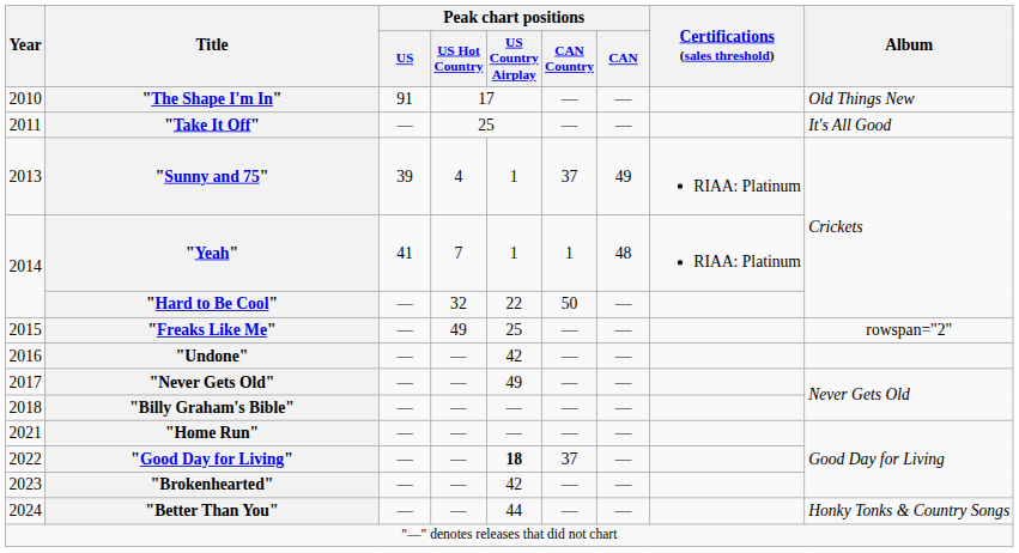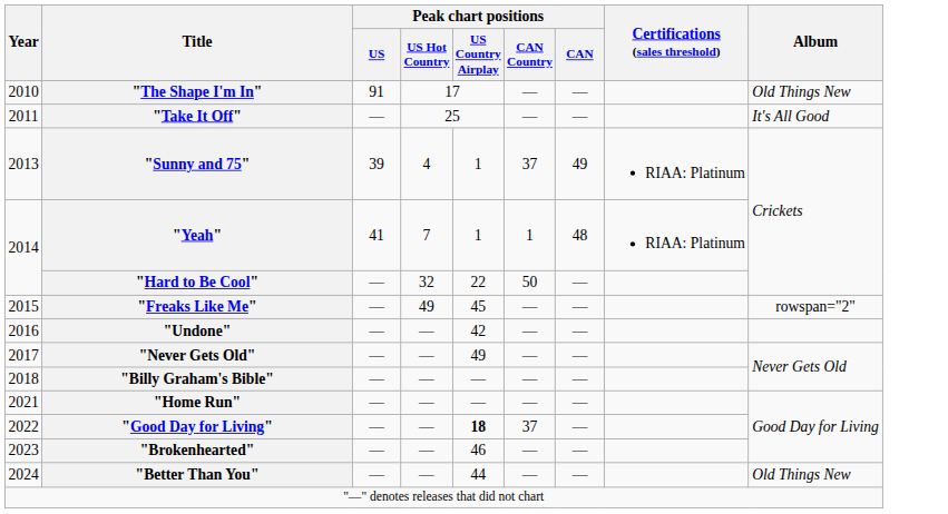 <table class="wikitable plainrowheaders" style="text-align:center;">
 <tr>
 <th scope="col" rowspan="2">Year</th>
 <th scope="col" rowspan="2" style="width:20em;">Title</th>
 <th scope="col" colspan="5">Peak chart positions</th>
 <th scope="col" rowspan="2"><a href='#'>Certifications</a><br><small>(<a href='#'>sales threshold</a>)</small></th>
 <th scope="col" rowspan="2">Album</th>
 </tr>
 <tr style="font-size:smaller;">
 <th scope="col" width="45"><a href='#'>US</a><br></th>
 <th scope="col" width="45"><a href='#'>US Hot Country</a><br></th>
 <th scope="col" width="45"><a href='#'>US Country Airplay</a><br></th>
 <th scope="col" width="45"><a href='#'>CAN Country</a><br></th>
 <th scope="col" width="45"><a href='#'>CAN</a><br></th>
 </tr>
 <tr>
 <td>2010</td>
 <th scope="row">"<a href='#'>The Shape I'm In</a>"</th>
 <td>91</td>
 <td colspan=2>17</td>
 <td>—</td>
 <td>—</td>
 <td></td>
 <td align="left"><em>Old Things New</em></td>
 </tr>
 <tr>
 <td>2011</td>
 <th scope="row">"<a href='#'>Take It Off</a>"</th>
 <td>—</td>
 <td colspan=2>25</td>
 <td>—</td>
 <td>—</td>
 <td></td>
 <td align="left"><em>It's All Good</em></td>
 </tr>
 <tr>
 <td>2013</td>
 <th scope="row">"<a href='#'>Sunny and 75</a>"</th>
 <td>39</td>
 <td>4</td>
 <td>1</td>
 <td>37</td>
 <td>49</td>
 <td><br><ul><li>RIAA: Platinum</li></ul></td>
 <td align="left" rowspan="3"><em>Crickets</em></td>
 </tr>
 <tr>
 <td rowspan="2">2014</td>
 <th scope="row">"<a href='#'>Yeah</a>"</th>
 <td>41</td>
 <td>7</td>
 <td>1</td>
 <td>1</td>
 <td>48</td>
 <td><br><ul><li>RIAA: Platinum</li></ul></td>
 </tr>
 <tr>
 <th scope="row">"<a href='#'>Hard to Be Cool</a>"</th>
 <td>—</td>
 <td>32</td>
 <td>22</td>
 <td>50</td>
 <td>—</td>
 <td></td>
 </tr>
 <tr>
 <td>2015</td>
 <th scope="row">"<a href='#'>Freaks Like Me</a>"</th>
 <td>—</td>
 <td>49</td>
-<td>25</td>
+<td>45</td>
 <td>—</td>
 <td>—</td>
 <td></td>
 <td>rowspan="2" </td>
 </tr>
 <tr>
 <td>2016</td>
 <th scope="row">"Undone"</th>
 <td>—</td>
 <td>—</td>
 <td>42</td>
 <td>—</td>
 <td>—</td>
 <td></td>
 </tr>
 <tr>
 <td>2017</td>
 <th scope="row">"Never Gets Old"</th>
 <td>—</td>
 <td>—</td>
 <td>49</td>
 <td>—</td>
 <td>—</td>
 <td></td>
 <td align="left" rowspan="2"><em>Never Gets Old</em></td>
 </tr>
 <tr>
 <td>2018</td>
 <th scope="row">"Billy Graham's Bible"</th>
 <td>—</td>
 <td>—</td>
 <td>—</td>
 <td>—</td>
 <td>—</td>
 <td></td>
 </tr>
 <tr>
 <td>2021</td>
 <th scope="row">"Home Run"</th>
 <td>—</td>
 <td>—</td>
 <td>—</td>
 <td>—</td>
 <td>—</td>
 <td></td>
 <td align="left" rowspan="3"><em>Good Day for Living</em></td>
 </tr>
 <tr>
 <td>2022</td>
 <th scope="row">"<a href='#'>Good Day for Living</a>"</th>
 <td>—</td>
 <td>—</td>
 <td><strong>18</strong></td>
 <td>37</td>
 <td>—</td>
 <td></td>
 </tr>
 <tr>
 <td>2023</td>
 <th scope="row">"Brokenhearted"</th>
 <td>—</td>
 <td>—</td>
-<td>42</td>
+<td>46</td>
 <td>—</td>
 <td>—</td>
 <td></td>
 </tr>
 <tr>
 <td>2024</td>
 <th scope="row">"Better Than You"<br></th>
 <td>—</td>
 <td>—</td>
 <td>44</td>
 <td>—</td>
 <td>—</td>
 <td></td>
-<td align="left"><em>Honky Tonks & Country Songs</em></td>
+<td align="left"><em>Old Things New</em></td>
 </tr>
 <tr>
 <td colspan="9" style="font-size:85%">"—" denotes releases that did not chart</td>
 </tr>
 </table>
